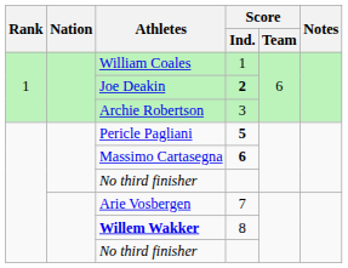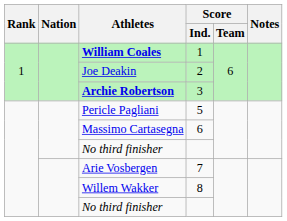 <table class="wikitable sortable" style=text-align:center>
 <tr>
 <th rowspan=2>Rank</th>
 <th rowspan=2>Nation</th>
 <th rowspan=2>Athletes</th>
 <th colspan=2>Score</th>
 <th rowspan=2>Notes</th>
 </tr>
 <tr>
 <th>Ind.</th>
 <th>Team</th>
 </tr>
 <tr bgcolor=bbf3bb>
 <td rowspan=3>1</td>
 <td rowspan=3 align=left></td>
-<td align=left><a href='#'>William Coales</a></td>
+<td align=left><strong><a href='#'>William Coales</a></strong></td>
 <td>1</td>
 <td rowspan=3>6</td>
 <td rowspan=3></td>
 </tr>
 <tr bgcolor=bbf3bb>
 <td align=left><a href='#'>Joe Deakin</a></td>
-<td><strong>2</strong></td>
+<td>2</td>
 </tr>
 <tr bgcolor=bbf3bb>
-<td align=left><a href='#'>Archie Robertson</a></td>
+<td align=left><strong><a href='#'>Archie Robertson</a></strong></td>
 <td>3</td>
 </tr>
 <tr>
 <td rowspan=6></td>
 <td rowspan=3 align=left></td>
 <td align=left><a href='#'>Pericle Pagliani</a></td>
-<td><strong>5</strong></td>
+<td>5</td>
 <td rowspan=3></td>
 <td rowspan=3></td>
 </tr>
 <tr>
 <td align=left><a href='#'>Massimo Cartasegna</a></td>
-<td><strong>6</strong></td>
+<td>6</td>
 </tr>
 <tr>
 <td align=left><em>No third finisher</em></td>
 <td></td>
 </tr>
 <tr>
 <td rowspan=3 align=left></td>
 <td align=left><a href='#'>Arie Vosbergen</a></td>
 <td>7</td>
 <td rowspan=3></td>
 <td rowspan=3></td>
 </tr>
 <tr>
-<td align=left><strong><a href='#'>Willem Wakker</a></strong></td>
+<td align=left><a href='#'>Willem Wakker</a></td>
 <td>8</td>
 </tr>
 <tr>
 <td align=left><em>No third finisher</em></td>
 <td></td>
 </tr>
 </table>
